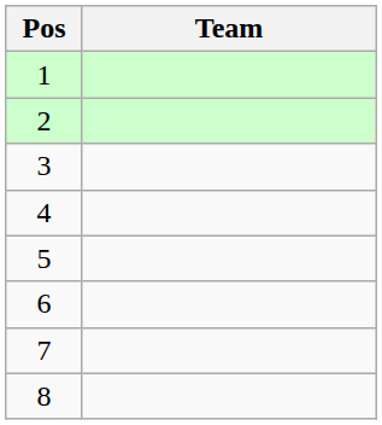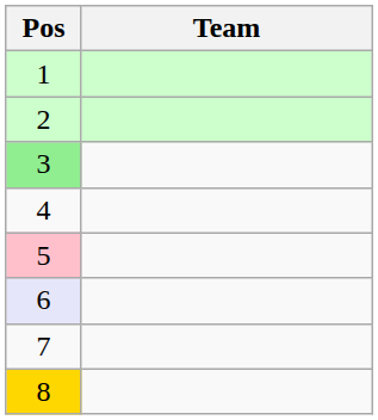 <table class="wikitable" style="text-align:center;">
 <tr>
 <th width="35">Pos</th>
 <th width="155">Team</th>
 </tr>
 <tr bgcolor="ccffcc">
 <td>1</td>
 <td align="left"></td>
 </tr>
 <tr bgcolor="ccffcc">
 <td>2</td>
 <td align="left"></td>
 </tr>
 <tr>
-<td>3</td>
+<td style="background: lightgreen;">3</td>
 <td align="left"></td>
 </tr>
 <tr>
 <td>4</td>
 <td align="left"></td>
 </tr>
 <tr>
-<td>5</td>
+<td style="background: pink;">5</td>
 <td align="left"></td>
 </tr>
 <tr>
-<td>6</td>
+<td style="background: lavender;">6</td>
 <td align="left"></td>
 </tr>
 <tr>
 <td>7</td>
 <td align="left"></td>
 </tr>
 <tr>
-<td>8</td>
+<td style="background: gold;">8</td>
 <td align="left"></td>
 </tr>
 </table>
